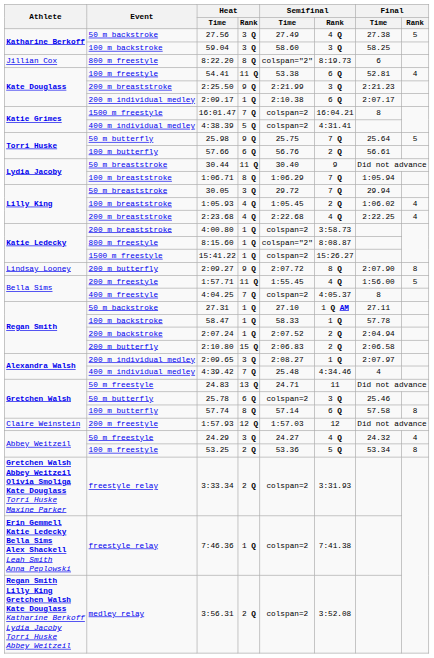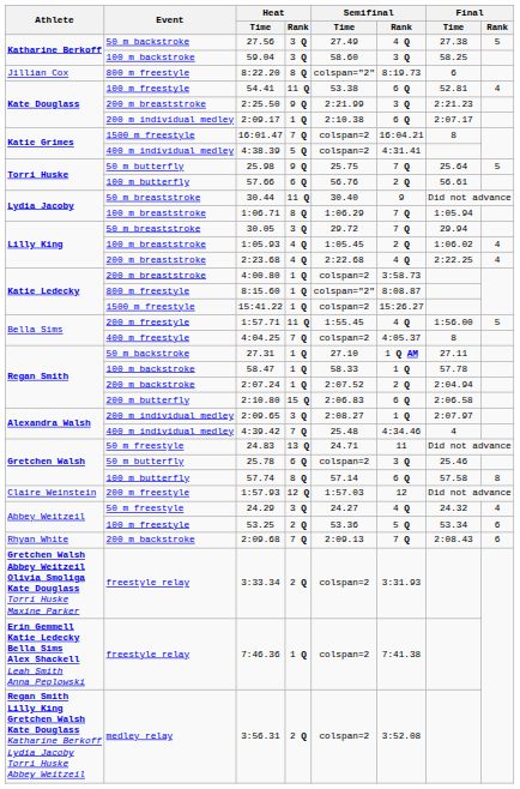 <table class="wikitable" style="text-align:center; font-size:90%">
 <tr>
 <th rowspan="2">Athlete</th>
 <th rowspan="2">Event</th>
 <th colspan="2">Heat</th>
 <th colspan="2">Semifinal</th>
 <th colspan="2">Final</th>
 </tr>
 <tr style="font-size:95%">
 <th>Time</th>
 <th>Rank</th>
 <th>Time</th>
 <th>Rank</th>
 <th>Time</th>
 <th>Rank</th>
 </tr>
 <tr>
 <td align=left rowspan=2><strong><a href='#'>Katharine Berkoff</a></strong></td>
 <td align=left><a href='#'>50 m backstroke</a></td>
 <td>27.56</td>
 <td>3 <strong>Q</strong></td>
 <td>27.49</td>
 <td>4 <strong>Q</strong></td>
 <td>27.38</td>
 <td>5</td>
 </tr>
 <tr>
 <td align=left><a href='#'>100 m backstroke</a></td>
 <td>59.04</td>
 <td>3 <strong>Q</strong></td>
 <td>58.60</td>
 <td>3 <strong>Q</strong></td>
 <td>58.25</td>
 <td></td>
 </tr>
 <tr>
 <td align=left><a href='#'>Jillian Cox</a></td>
 <td align=left><a href='#'>800 m freestyle</a></td>
 <td>8:22.20</td>
 <td>8 <strong>Q</strong></td>
 <td>colspan="2" </td>
 <td>8:19.73</td>
 <td>6</td>
 </tr>
 <tr>
 <td align=left rowspan=3><strong><a href='#'>Kate Douglass</a></strong></td>
 <td align=left><a href='#'>100 m freestyle</a></td>
 <td>54.41</td>
 <td>11 <strong>Q</strong></td>
 <td>53.38</td>
 <td>6 <strong>Q</strong></td>
 <td>52.81</td>
 <td>4</td>
 </tr>
 <tr>
 <td align=left><a href='#'>200 m breaststroke</a></td>
 <td>2:25.50</td>
 <td>9 <strong>Q</strong></td>
 <td>2:21.99</td>
 <td>3 <strong>Q</strong></td>
 <td>2:21.23</td>
 <td></td>
 </tr>
 <tr>
 <td align=left><a href='#'>200 m individual medley</a></td>
 <td>2:09.17</td>
 <td>1 <strong>Q</strong></td>
 <td>2:10.38</td>
 <td>6 <strong>Q</strong></td>
 <td>2:07.17</td>
 <td></td>
 </tr>
 <tr>
 <td align=left rowspan=2><strong><a href='#'>Katie Grimes</a></strong></td>
 <td align=left><a href='#'>1500 m freestyle</a></td>
 <td>16:01.47</td>
 <td>7 <strong>Q</strong></td>
 <td>colspan=2 </td>
 <td>16:04.21</td>
 <td>8</td>
 </tr>
 <tr>
 <td align=left><a href='#'>400 m individual medley</a></td>
 <td>4:38.39</td>
 <td>5 <strong>Q</strong></td>
 <td>colspan=2 </td>
 <td>4:31.41</td>
 <td></td>
 </tr>
 <tr>
 <td align=left rowspan=2><strong><a href='#'>Torri Huske</a></strong></td>
 <td align=left><a href='#'>50 m butterfly</a></td>
 <td>25.98</td>
 <td>9 <strong>Q</strong></td>
 <td>25.75</td>
 <td>7 <strong>Q</strong></td>
 <td>25.64</td>
 <td>5</td>
 </tr>
 <tr>
 <td align=left><a href='#'>100 m butterfly</a></td>
 <td>57.66</td>
 <td>6 <strong>Q</strong></td>
 <td>56.76</td>
 <td>2 <strong>Q</strong></td>
 <td>56.61</td>
 <td></td>
 </tr>
 <tr>
 <td align=left rowspan=2><strong><a href='#'>Lydia Jacoby</a></strong></td>
 <td align=left><a href='#'>50 m breaststroke</a></td>
 <td>30.44</td>
 <td>11 <strong>Q</strong></td>
 <td>30.40</td>
 <td>9</td>
 <td colspan=2>Did not advance</td>
 </tr>
 <tr>
 <td align=left><a href='#'>100 m breaststroke</a></td>
 <td>1:06.71</td>
 <td>8 <strong>Q</strong></td>
 <td>1:06.29</td>
 <td>7 <strong>Q</strong></td>
 <td>1:05.94</td>
 <td></td>
 </tr>
 <tr>
 <td align=left rowspan=3><strong><a href='#'>Lilly King</a></strong></td>
 <td align=left><a href='#'>50 m breaststroke</a></td>
 <td>30.05</td>
 <td>3 <strong>Q</strong></td>
 <td>29.72</td>
 <td>7 <strong>Q</strong></td>
 <td>29.94</td>
 <td></td>
 </tr>
 <tr>
 <td align=left><a href='#'>100 m breaststroke</a></td>
 <td>1:05.93</td>
 <td>4 <strong>Q</strong></td>
 <td>1:05.45</td>
 <td>2 <strong>Q</strong></td>
 <td>1:06.02</td>
 <td>4</td>
 </tr>
 <tr>
 <td align=left><a href='#'>200 m breaststroke</a></td>
 <td>2:23.68</td>
 <td>4 <strong>Q</strong></td>
 <td>2:22.68</td>
 <td>4 <strong>Q</strong></td>
 <td>2:22.25</td>
 <td>4</td>
 </tr>
 <tr>
 <td align=left rowspan=3><strong><a href='#'>Katie Ledecky</a></strong></td>
 <td align=left><a href='#'>200 m breaststroke</a></td>
 <td>4:00.80</td>
 <td>1 <strong>Q</strong></td>
 <td>colspan=2 </td>
 <td>3:58.73</td>
 <td></td>
 </tr>
 <tr>
 <td align=left><a href='#'>800 m freestyle</a></td>
 <td>8:15.60</td>
 <td>1 <strong>Q</strong></td>
 <td>colspan="2" </td>
 <td>8:08.87</td>
 <td></td>
 </tr>
 <tr>
 <td align=left><a href='#'>1500 m freestyle</a></td>
 <td>15:41.22</td>
 <td>1 <strong>Q</strong></td>
 <td>colspan=2 </td>
 <td>15:26.27</td>
 <td></td>
 </tr>
 <tr>
-<td align=left><a href='#'>Lindsay Looney</a></td>
-<td align=left><a href='#'>200 m butterfly</a></td>
-<td>2:09.27</td>
-<td>9 <strong>Q</strong></td>
-<td>2:07.72</td>
-<td>8 <strong>Q</strong></td>
-<td>2:07.90</td>
-<td>8</td>
-</tr>
-<tr>
 <td align=left rowspan=2><a href='#'>Bella Sims</a></td>
 <td align=left><a href='#'>200 m freestyle</a></td>
 <td>1:57.71</td>
 <td>11 <strong>Q</strong></td>
 <td>1:55.45</td>
 <td>4 <strong>Q</strong></td>
 <td>1:56.00</td>
 <td>5</td>
 </tr>
 <tr>
 <td align=left><a href='#'>400 m freestyle</a></td>
 <td>4:04.25</td>
 <td>7 <strong>Q</strong></td>
 <td>colspan=2 </td>
 <td>4:05.37</td>
 <td>8</td>
 </tr>
 <tr>
 <td align=left rowspan=4><strong><a href='#'>Regan Smith</a></strong></td>
 <td align=left><a href='#'>50 m backstroke</a></td>
 <td>27.31</td>
 <td>1 <strong>Q</strong></td>
 <td>27.10</td>
 <td>1 <strong>Q</strong> <strong><a href='#'>AM</a></strong></td>
 <td>27.11</td>
 <td></td>
 </tr>
 <tr>
 <td align=left><a href='#'>100 m backstroke</a></td>
 <td>58.47</td>
 <td>1 <strong>Q</strong></td>
 <td>58.33</td>
 <td>1 <strong>Q</strong></td>
 <td>57.78</td>
 <td></td>
 </tr>
 <tr>
 <td align=left><a href='#'>200 m backstroke</a></td>
 <td>2:07.24</td>
 <td>1 <strong>Q</strong></td>
 <td>2:07.52</td>
 <td>2 <strong>Q</strong></td>
 <td>2:04.94</td>
 <td></td>
 </tr>
 <tr>
 <td align=left><a href='#'>200 m butterfly</a></td>
 <td>2:10.80</td>
 <td>15 <strong>Q</strong></td>
 <td>2:06.83</td>
-<td>2 <strong>Q</strong></td>
+<td>6 <strong>Q</strong></td>
 <td>2:06.58</td>
 <td></td>
 </tr>
 <tr>
 <td align=left rowspan=2><strong><a href='#'>Alexandra Walsh</a></strong></td>
 <td align=left><a href='#'>200 m individual medley</a></td>
 <td>2:09.65</td>
 <td>3 <strong>Q</strong></td>
 <td>2:08.27</td>
 <td>1 <strong>Q</strong></td>
 <td>2:07.97</td>
 <td></td>
 </tr>
 <tr>
 <td align=left><a href='#'>400 m individual medley</a></td>
 <td>4:39.42</td>
 <td>7 <strong>Q</strong></td>
 <td>25.48</td>
 <td>4:34.46</td>
 <td>4</td>
 </tr>
 <tr>
 <td align=left rowspan=3><strong><a href='#'>Gretchen Walsh</a></strong></td>
 <td align=left><a href='#'>50 m freestyle</a></td>
 <td>24.83</td>
 <td>13 <strong>Q</strong></td>
 <td>24.71</td>
 <td>11</td>
 <td colspan=2>Did not advance</td>
 </tr>
 <tr>
 <td align=left><a href='#'>50 m butterfly</a></td>
 <td>25.78</td>
 <td>6 <strong>Q</strong></td>
 <td>colspan=2 </td>
 <td>3 <strong>Q</strong></td>
 <td>25.46</td>
 <td></td>
 </tr>
 <tr>
 <td align=left><a href='#'>100 m butterfly</a></td>
 <td>57.74</td>
 <td>8 <strong>Q</strong></td>
 <td>57.14</td>
 <td>6 <strong>Q</strong></td>
 <td>57.58</td>
 <td>8</td>
 </tr>
 <tr>
 <td align=left><a href='#'>Claire Weinstein</a></td>
 <td align=left><a href='#'>200 m freestyle</a></td>
 <td>1:57.93</td>
 <td>12 <strong>Q</strong></td>
 <td>1:57.03</td>
 <td>12</td>
 <td colspan="2">Did not advance</td>
 </tr>
 <tr>
 <td align=left rowspan=2><a href='#'>Abbey Weitzeil</a></td>
 <td align=left><a href='#'>50 m freestyle</a></td>
 <td>24.29</td>
 <td>3 <strong>Q</strong></td>
 <td>24.27</td>
 <td>4 <strong>Q</strong></td>
 <td>24.32</td>
 <td>4</td>
 </tr>
 <tr>
 <td align=left><a href='#'>100 m freestyle</a></td>
 <td>53.25</td>
 <td>2 <strong>Q</strong></td>
 <td>53.36</td>
 <td>5 <strong>Q</strong></td>
 <td>53.34</td>
-<td>8</td>
+<td>6</td>
+</tr>
+<tr>
+<td align=left><a href='#'>Rhyan White</a></td>
+<td align=left><a href='#'>200 m backstroke</a></td>
+<td>2:09.68</td>
+<td>7 <strong>Q</strong></td>
+<td>2:09.13</td>
+<td>7 <strong>Q</strong></td>
+<td>2:08.43</td>
+<td>6</td>
 </tr>
 <tr>
 <td align=left><strong><a href='#'>Gretchen Walsh</a><br> <a href='#'>Abbey Weitzeil</a><br> <a href='#'>Olivia Smoliga</a><br> <a href='#'>Kate Douglass</a></strong><br> <em><a href='#'>Torri Huske</a></em><br> <em><a href='#'>Maxine Parker</a></em></td>
 <td align=left><a href='#'> freestyle relay</a></td>
 <td>3:33.34</td>
 <td>2 <strong>Q</strong></td>
 <td>colspan=2 </td>
 <td>3:31.93</td>
 <td></td>
 </tr>
 <tr>
 <td align=left><strong><a href='#'>Erin Gemmell</a> <br> <a href='#'>Katie Ledecky</a><br><a href='#'>Bella Sims</a><br><a href='#'>Alex Shackell</a> </strong><br><em><a href='#'>Leah Smith</a><br><a href='#'>Anna Peplowski</a></em></td>
 <td align=left><a href='#'> freestyle relay</a></td>
 <td>7:46.36</td>
 <td>1 <strong>Q</strong></td>
 <td>colspan=2 </td>
 <td>7:41.38</td>
 <td></td>
 </tr>
 <tr>
 <td align=left><strong><a href='#'>Regan Smith</a><br><a href='#'>Lilly King</a><br><a href='#'>Gretchen Walsh</a><br><a href='#'>Kate Douglass</a></strong><br><em><a href='#'>Katharine Berkoff</a><br><a href='#'>Lydia Jacoby</a><br><a href='#'>Torri Huske</a><br><a href='#'>Abbey Weitzeil</a></em></td>
 <td align=left><a href='#'> medley relay</a></td>
 <td>3:56.31</td>
 <td>2 <strong>Q</strong></td>
 <td>colspan=2 </td>
 <td>3:52.08</td>
 <td></td>
 </tr>
 </table>
